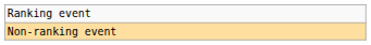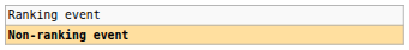 <table class="wikitable" style="font-size:90%; width:25%;">
 <tr>
 <td>Ranking event</td>
 </tr>
 <tr style="background:#ffdf9f;">
-<td> Non-ranking event</td>
+<td><strong> Non-ranking event</strong></td>
 </tr>
 </table>
